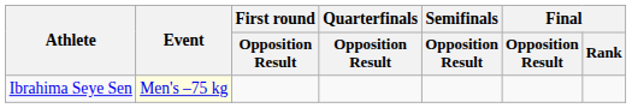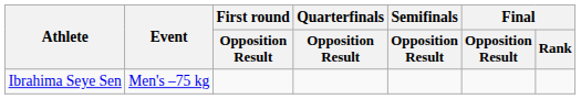 <table class="wikitable" style="font-size:90%;">
 <tr>
 <th rowspan=2>Athlete</th>
 <th rowspan=2>Event</th>
 <th>First round</th>
 <th>Quarterfinals</th>
 <th>Semifinals</th>
 <th colspan=2>Final</th>
 </tr>
 <tr style="font-size:95%">
 <th>Opposition<br>Result</th>
 <th>Opposition<br>Result</th>
 <th>Opposition<br>Result</th>
 <th>Opposition<br>Result</th>
 <th>Rank</th>
 </tr>
 <tr align=center>
 <td align=left><a href='#'>Ibrahima Seye Sen</a></td>
-<td align=left style="background: lightyellow;"><a href='#'>Men's –75 kg</a></td>
+<td align=left><a href='#'>Men's –75 kg</a></td>
 <td></td>
 <td></td>
 <td></td>
 <td></td>
 <td></td>
 </tr>
 </table>
